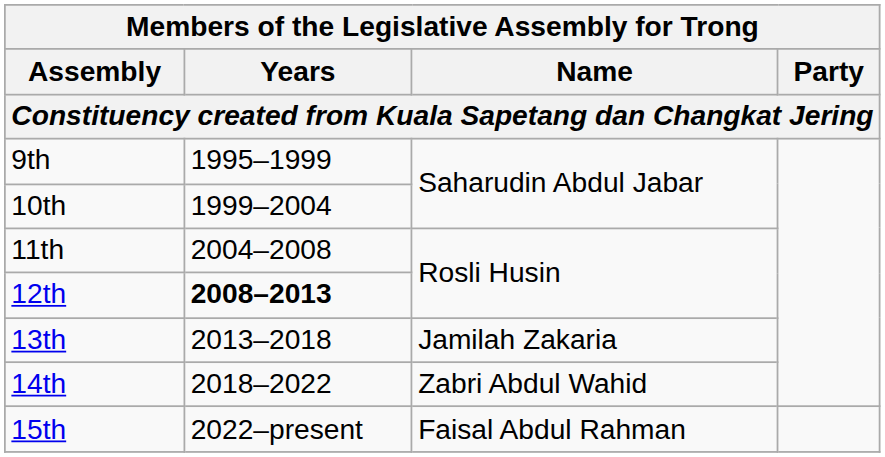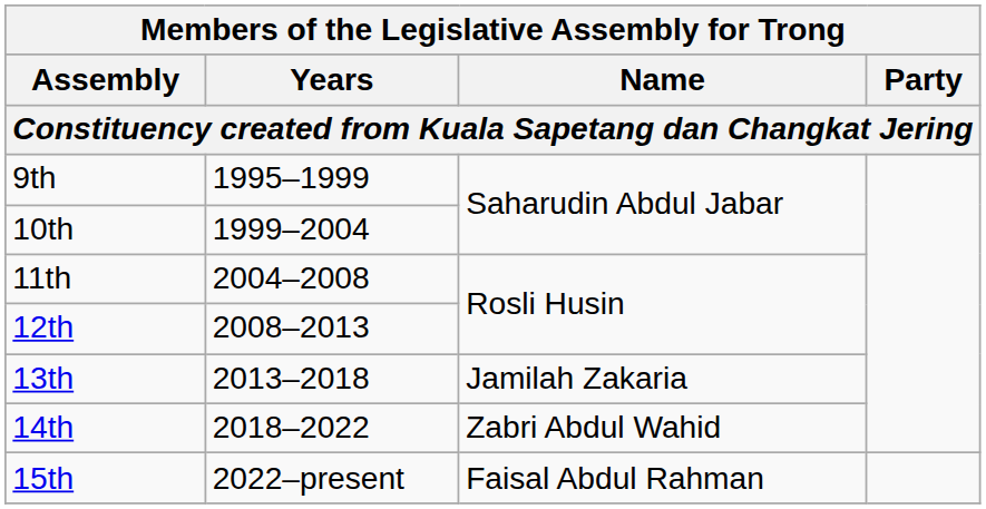 <table class="wikitable">
 <tr>
 <th colspan="4">Members of the Legislative Assembly for Trong</th>
 </tr>
 <tr>
 <th>Assembly</th>
 <th>Years</th>
 <th>Name</th>
 <th>Party</th>
 </tr>
 <tr>
 <th colspan="4"><em>Constituency created from Kuala Sapetang dan Changkat Jering</em></th>
 </tr>
 <tr>
 <td>9th</td>
 <td>1995–1999</td>
 <td rowspan="2">Saharudin Abdul Jabar</td>
 <td rowspan="6"></td>
 </tr>
 <tr>
 <td>10th</td>
 <td>1999–2004</td>
 </tr>
 <tr>
 <td>11th</td>
 <td>2004–2008</td>
 <td rowspan="2">Rosli Husin</td>
 </tr>
 <tr>
 <td><a href='#'>12th</a></td>
-<td><strong>2008–2013</strong></td>
+<td>2008–2013</td>
 </tr>
 <tr>
 <td><a href='#'>13th</a></td>
 <td>2013–2018</td>
 <td>Jamilah Zakaria</td>
 </tr>
 <tr>
 <td><a href='#'>14th</a></td>
 <td>2018–2022</td>
 <td>Zabri Abdul Wahid</td>
 </tr>
 <tr>
 <td><a href='#'>15th</a></td>
 <td>2022–present</td>
 <td>Faisal Abdul Rahman</td>
 <td></td>
 </tr>
 </table>
